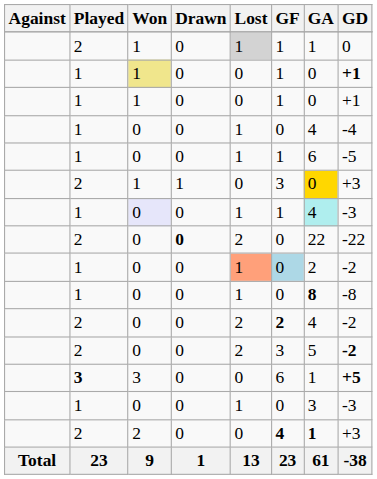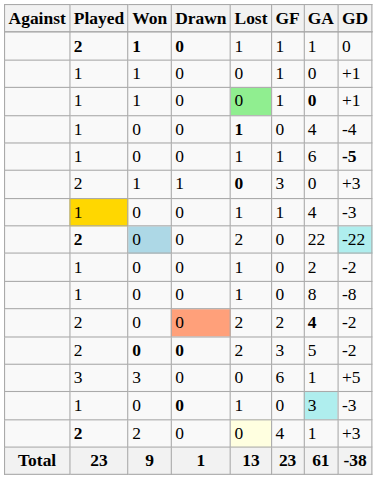 <table class="sortable wikitable">
 <tr>
 <th>Against</th>
 <th>Played</th>
 <th>Won</th>
 <th>Drawn</th>
 <th>Lost</th>
 <th>GF</th>
 <th>GA</th>
 <th>GD</th>
 </tr>
 <tr bgcolor="#d0ffd0" align="center">
 </tr>
 <tr>
 <td align="left"></td>
-<td>2</td>
+<td><strong>2</strong></td>
+<td><strong>1</strong></td>
+<td><strong>0</strong></td>
 <td>1</td>
-<td>0</td>
-<td style="background: lightgrey;">1</td>
 <td>1</td>
 <td>1</td>
 <td>0</td>
-</tr>
-<tr>
-<td align="left"></td>
-<td>1</td>
-<td style="background: khaki;">1</td>
-<td>0</td>
-<td>0</td>
-<td>1</td>
-<td>0</td>
-<td><strong>+1</strong></td>
 </tr>
 <tr>
 <td align="left"></td>
 <td>1</td>
 <td>1</td>
 <td>0</td>
 <td>0</td>
 <td>1</td>
 <td>0</td>
 <td>+1</td>
 </tr>
 <tr>
 <td align="left"></td>
 <td>1</td>
+<td>1</td>
+<td>0</td>
+<td style="background: lightgreen;">0</td>
+<td>1</td>
+<td><strong>0</strong></td>
+<td>+1</td>
+</tr>
+<tr>
+<td align="left"></td>
+<td>1</td>
 <td>0</td>
 <td>0</td>
-<td>1</td>
+<td><strong>1</strong></td>
 <td>0</td>
 <td>4</td>
 <td>-4</td>
 </tr>
 <tr>
 <td align="left"></td>
 <td>1</td>
 <td>0</td>
 <td>0</td>
 <td>1</td>
 <td>1</td>
 <td>6</td>
-<td>-5</td>
+<td><strong>-5</strong></td>
 </tr>
 <tr>
 <td align="left"></td>
 <td>2</td>
 <td>1</td>
 <td>1</td>
+<td><strong>0</strong></td>
+<td>3</td>
 <td>0</td>
-<td>3</td>
-<td style="background: gold;">0</td>
 <td>+3</td>
 </tr>
 <tr>
 <td align="left"></td>
-<td>1</td>
-<td style="background: lavender;">0</td>
+<td style="background: gold;">1</td>
+<td>0</td>
 <td>0</td>
 <td>1</td>
 <td>1</td>
-<td style="background: paleturquoise;">4</td>
+<td>4</td>
 <td>-3</td>
 </tr>
 <tr>
 <td align="left"></td>
-<td>2</td>
+<td><strong>2</strong></td>
+<td style="background: lightblue;">0</td>
 <td>0</td>
-<td><strong>0</strong></td>
 <td>2</td>
 <td>0</td>
 <td>22</td>
-<td>-22</td>
+<td style="background: paleturquoise;">-22</td>
 </tr>
 <tr>
 <td align="left"></td>
 <td>1</td>
 <td>0</td>
 <td>0</td>
-<td style="background: lightsalmon;">1</td>
-<td style="background: lightblue;">0</td>
+<td>1</td>
+<td>0</td>
 <td>2</td>
 <td>-2</td>
 </tr>
 <tr>
 <td align="left"></td>
 <td>1</td>
 <td>0</td>
 <td>0</td>
 <td>1</td>
 <td>0</td>
-<td><strong>8</strong></td>
+<td>8</td>
 <td>-8</td>
 </tr>
 <tr>
 <td align="left"></td>
 <td>2</td>
 <td>0</td>
-<td>0</td>
+<td style="background: lightsalmon;">0</td>
 <td>2</td>
-<td><strong>2</strong></td>
-<td>4</td>
+<td>2</td>
+<td><strong>4</strong></td>
 <td>-2</td>
 </tr>
 <tr>
 <td align="left"></td>
 <td>2</td>
-<td>0</td>
-<td>0</td>
+<td><strong>0</strong></td>
+<td><strong>0</strong></td>
 <td>2</td>
 <td>3</td>
 <td>5</td>
-<td><strong>-2</strong></td>
+<td>-2</td>
 </tr>
 <tr>
 <td align="left"></td>
-<td><strong>3</strong></td>
+<td>3</td>
 <td>3</td>
 <td>0</td>
 <td>0</td>
 <td>6</td>
 <td>1</td>
-<td><strong>+5</strong></td>
+<td>+5</td>
 </tr>
 <tr>
 <td align="left"></td>
 <td>1</td>
 <td>0</td>
-<td>0</td>
+<td><strong>0</strong></td>
 <td>1</td>
 <td>0</td>
-<td>3</td>
+<td style="background: paleturquoise;">3</td>
 <td>-3</td>
 </tr>
 <tr>
 <td align="left"></td>
-<td>2</td>
+<td><strong>2</strong></td>
 <td>2</td>
 <td>0</td>
-<td>0</td>
-<td><strong>4</strong></td>
-<td><strong>1</strong></td>
+<td style="background: lightyellow;">0</td>
+<td>4</td>
+<td>1</td>
 <td>+3</td>
 </tr>
 <tr class="sortbottom">
 <th>Total</th>
 <th>23</th>
 <th>9</th>
 <th>1</th>
 <th>13</th>
 <th>23</th>
 <th>61</th>
 <th>-38</th>
 </tr>
 </table>
